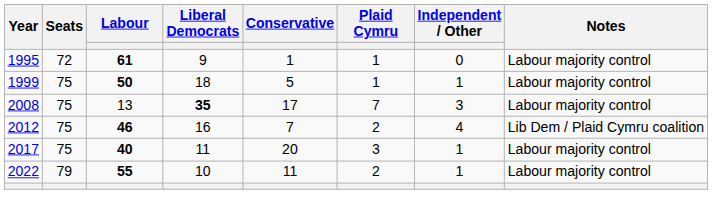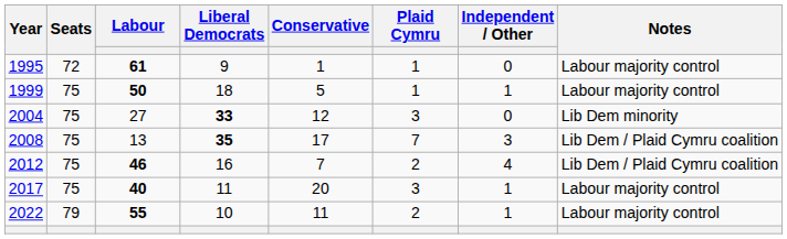 <table class="wikitable" style=text-align:center>
 <tr>
 <th rowspan=2>Year</th>
 <th rowspan=2>Seats</th>
 <th width="80"><a href='#'>Labour</a></th>
 <th width="80"><a href='#'>Liberal Democrats</a></th>
 <th width="80"><a href='#'>Conservative</a></th>
 <th width="80"><a href='#'>Plaid Cymru</a></th>
 <th width="80"><a href='#'>Independent</a> / Other</th>
 <th rowspan=2>Notes</th>
 </tr>
 <tr>
 <th style="background-color: "></th>
 <th style="background-color: "></th>
 <th style="background-color: "></th>
 <th style="background-color: "></th>
 <th style="background-color: "></th>
 </tr>
 <tr>
 <td><a href='#'>1995</a></td>
 <td>72</td>
 <td><strong>61</strong></td>
 <td>9</td>
 <td>1</td>
 <td>1</td>
 <td>0</td>
 <td align=left>Labour majority control</td>
 </tr>
 <tr>
 <td><a href='#'>1999</a></td>
 <td>75</td>
 <td><strong>50</strong></td>
 <td>18</td>
 <td>5</td>
 <td>1</td>
 <td>1</td>
 <td align=left>Labour majority control</td>
 </tr>
 <tr>
+<td><a href='#'>2004</a></td>
+<td>75</td>
+<td>27</td>
+<td><strong>33</strong></td>
+<td>12</td>
+<td>3</td>
+<td>0</td>
+<td align=left>Lib Dem minority</td>
+</tr>
+<tr>
 <td><a href='#'>2008</a></td>
 <td>75</td>
 <td>13</td>
 <td><strong>35</strong></td>
 <td>17</td>
 <td>7</td>
 <td>3</td>
-<td align=left>Labour majority control</td>
+<td align=left>Lib Dem / Plaid Cymru coalition</td>
 </tr>
 <tr>
 <td><a href='#'>2012</a></td>
 <td>75</td>
 <td><strong>46</strong></td>
 <td>16</td>
 <td>7</td>
 <td>2</td>
 <td>4</td>
 <td align=left>Lib Dem / Plaid Cymru coalition</td>
 </tr>
 <tr>
 <td><a href='#'>2017</a></td>
 <td>75</td>
 <td><strong>40</strong></td>
 <td>11</td>
 <td>20</td>
 <td>3</td>
 <td>1</td>
 <td align=left>Labour majority control</td>
 </tr>
 <tr>
 <td><a href='#'>2022</a></td>
 <td>79</td>
 <td><strong>55</strong></td>
 <td>10</td>
 <td>11</td>
 <td>2</td>
 <td>1</td>
 <td align=left>Labour majority control</td>
 </tr>
 <tr>
 <th></th>
 <th></th>
 <th style="background-color: "></th>
 <th style="background-color: "></th>
 <th style="background-color: "></th>
 <th style="background-color: "></th>
 <th style="background-color: "></th>
 <th></th>
 </tr>
 </table>
